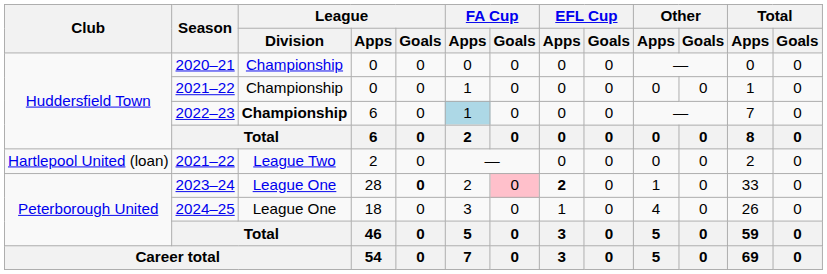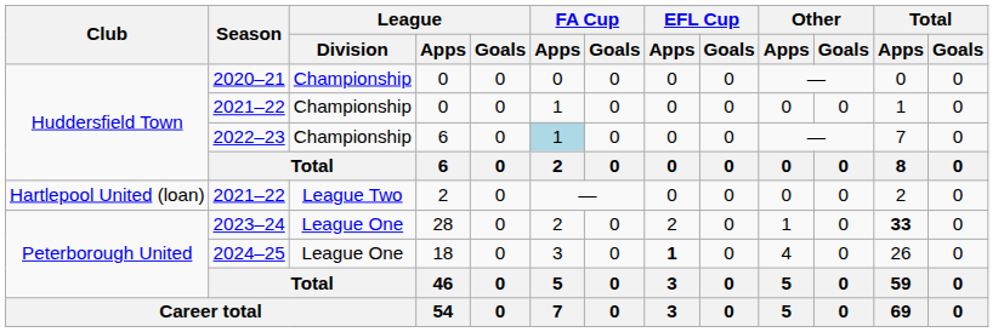 <table class="wikitable" style="text-align:center">
 <tr>
 <th rowspan="2">Club</th>
 <th rowspan="2">Season</th>
 <th colspan="3">League</th>
 <th colspan="2"><a href='#'>FA Cup</a></th>
 <th colspan="2"><a href='#'>EFL Cup</a></th>
 <th colspan="2">Other</th>
 <th colspan="2">Total</th>
 </tr>
 <tr>
 <th>Division</th>
 <th>Apps</th>
 <th>Goals</th>
 <th>Apps</th>
 <th>Goals</th>
 <th>Apps</th>
 <th>Goals</th>
 <th>Apps</th>
 <th>Goals</th>
 <th>Apps</th>
 <th>Goals</th>
 </tr>
 <tr>
 <td rowspan="4"><a href='#'>Huddersfield Town</a></td>
 <td><a href='#'>2020–21</a></td>
 <td><a href='#'>Championship</a></td>
 <td>0</td>
 <td>0</td>
 <td>0</td>
 <td>0</td>
 <td>0</td>
 <td>0</td>
 <td colspan=2>—</td>
 <td>0</td>
 <td>0</td>
 </tr>
 <tr>
 <td><a href='#'>2021–22</a></td>
 <td>Championship</td>
 <td>0</td>
 <td>0</td>
 <td>1</td>
 <td>0</td>
 <td>0</td>
 <td>0</td>
 <td>0</td>
 <td>0</td>
 <td>1</td>
 <td>0</td>
 </tr>
 <tr>
 <td><a href='#'>2022–23</a></td>
-<td><strong>Championship</strong></td>
+<td>Championship</td>
 <td>6</td>
 <td>0</td>
 <td style="background: lightblue;">1</td>
 <td>0</td>
 <td>0</td>
 <td>0</td>
 <td colspan=2>—</td>
 <td>7</td>
 <td>0</td>
 </tr>
 <tr>
 <th colspan="2">Total</th>
 <th>6</th>
 <th>0</th>
 <th>2</th>
 <th>0</th>
 <th>0</th>
 <th>0</th>
 <th>0</th>
 <th>0</th>
 <th>8</th>
 <th>0</th>
 </tr>
 <tr>
 <td><a href='#'>Hartlepool United</a> (loan)</td>
 <td><a href='#'>2021–22</a></td>
 <td><a href='#'>League Two</a></td>
 <td>2</td>
 <td>0</td>
 <td colspan=2>—</td>
 <td>0</td>
 <td>0</td>
 <td>0</td>
 <td>0</td>
 <td>2</td>
 <td>0</td>
 </tr>
 <tr>
 <td rowspan=3><a href='#'>Peterborough United</a></td>
 <td><a href='#'>2023–24</a></td>
 <td><a href='#'>League One</a></td>
 <td>28</td>
-<td><strong>0</strong></td>
+<td>0</td>
 <td>2</td>
-<td style="background: pink;">0</td>
-<td><strong>2</strong></td>
+<td>0</td>
+<td>2</td>
 <td>0</td>
 <td>1</td>
 <td>0</td>
-<td>33</td>
+<td><strong>33</strong></td>
 <td>0</td>
 </tr>
 <tr>
 <td><a href='#'>2024–25</a></td>
 <td>League One</td>
 <td>18</td>
 <td>0</td>
 <td>3</td>
 <td>0</td>
-<td>1</td>
+<td><strong>1</strong></td>
 <td>0</td>
 <td>4</td>
 <td>0</td>
 <td>26</td>
 <td>0</td>
 </tr>
 <tr>
 <th colspan="2">Total</th>
 <th>46</th>
 <th>0</th>
 <th>5</th>
 <th>0</th>
 <th>3</th>
 <th>0</th>
 <th>5</th>
 <th>0</th>
 <th>59</th>
 <th>0</th>
 </tr>
 <tr>
 <th colspan=3>Career total</th>
 <th>54</th>
 <th>0</th>
 <th>7</th>
 <th>0</th>
 <th>3</th>
 <th>0</th>
 <th>5</th>
 <th>0</th>
 <th>69</th>
 <th>0</th>
 </tr>
 </table>
